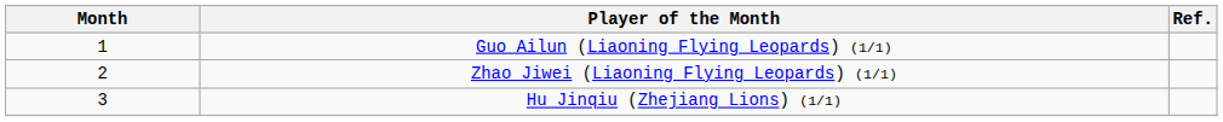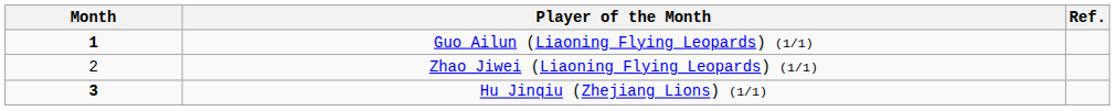 <table class="wikitable sortable" style="text-align:left">
 <tr>
 <th width=16%>Month</th>
 <th width=80%>Player of the Month</th>
 <th class=unsortable>Ref.</th>
 </tr>
 <tr>
-<td align=center>1</td>
+<td align=center><strong>1</strong></td>
 <td align=center> <a href='#'>Guo Ailun</a> (<a href='#'>Liaoning Flying Leopards</a>) <small>(1/1)</small></td>
 <td align=center></td>
 </tr>
 <tr>
 <td align=center>2</td>
 <td align=center> <a href='#'>Zhao Jiwei</a> (<a href='#'>Liaoning Flying Leopards</a>) <small>(1/1)</small></td>
 <td align=center></td>
 </tr>
 <tr>
-<td align=center>3</td>
+<td align=center><strong>3</strong></td>
 <td align=center> <a href='#'>Hu Jinqiu</a> (<a href='#'>Zhejiang Lions</a>) <small>(1/1)</small></td>
 <td align=center></td>
 </tr>
 <tr>
 </tr>
 </table>
